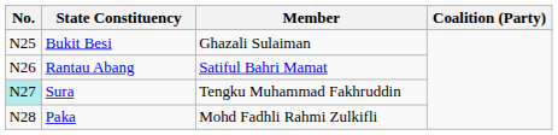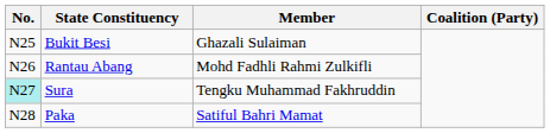 <table class="wikitable">
 <tr>
 <th width="30">No.</th>
 <th width="150">State Constituency</th>
 <th width="230">Member</th>
 <th width="120">Coalition (Party)</th>
 </tr>
 <tr>
 <td>N25</td>
 <td><a href='#'>Bukit Besi</a></td>
 <td>Ghazali Sulaiman</td>
 <td rowspan=4></td>
 </tr>
 <tr>
 <td>N26</td>
 <td><a href='#'>Rantau Abang</a></td>
-<td><a href='#'>Satiful Bahri Mamat</a></td>
+<td>Mohd Fadhli Rahmi Zulkifli</td>
 </tr>
 <tr>
 <td style="background: paleturquoise;">N27</td>
 <td><a href='#'>Sura</a></td>
 <td>Tengku Muhammad Fakhruddin</td>
 </tr>
 <tr>
 <td>N28</td>
 <td><a href='#'>Paka</a></td>
-<td>Mohd Fadhli Rahmi Zulkifli</td>
+<td><a href='#'>Satiful Bahri Mamat</a></td>
 </tr>
 </table>
